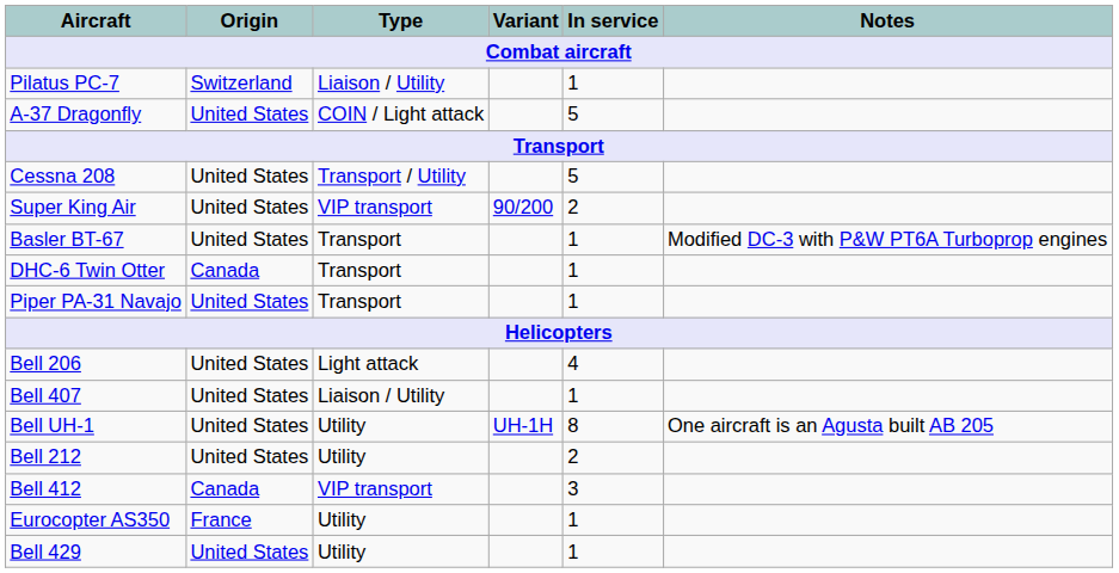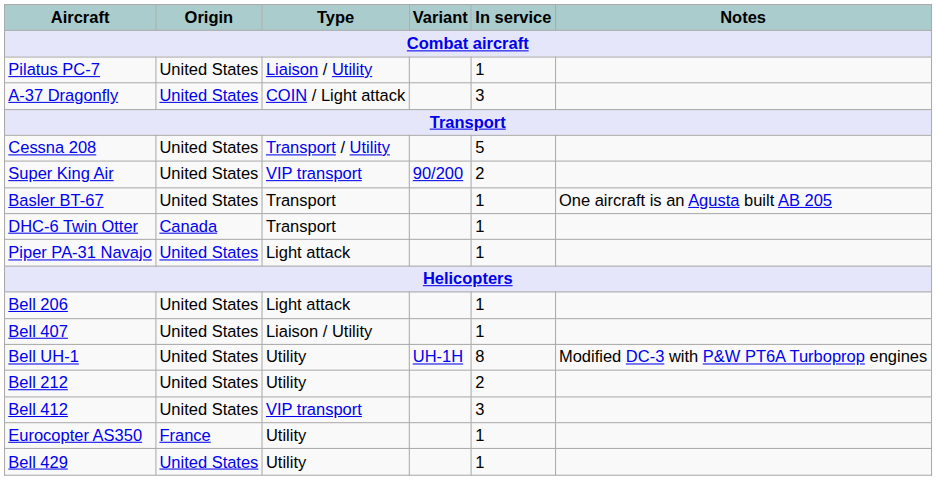 <table class="wikitable">
 <tr>
 <th style="text-align:center; background:#acc;">Aircraft</th>
 <th style="text-align: center; background:#acc;">Origin</th>
 <th style="text-align:l center; background:#acc;">Type</th>
 <th style="text-align:left; background:#acc;">Variant</th>
 <th style="text-align:center; background:#acc;">In service</th>
 <th style="text-align: center; background:#acc;">Notes</th>
 </tr>
 <tr>
 <th style="align: center; background: lavender;" colspan="7"><a href='#'>Combat aircraft</a></th>
 </tr>
 <tr>
 <td><a href='#'>Pilatus PC-7</a></td>
-<td><a href='#'>Switzerland</a></td>
+<td>United States</td>
 <td><a href='#'>Liaison</a> / <a href='#'>Utility</a></td>
 <td></td>
 <td>1</td>
 <td></td>
 </tr>
 <tr>
 <td><a href='#'>A-37 Dragonfly</a></td>
 <td><a href='#'>United States</a></td>
 <td><a href='#'>COIN</a> / Light attack</td>
 <td></td>
-<td>5</td>
+<td>3</td>
 <td></td>
 </tr>
 <tr>
 <th style="align: center; background: lavender;" colspan="7"><a href='#'>Transport</a></th>
 </tr>
 <tr>
 <td><a href='#'>Cessna 208</a></td>
 <td>United States</td>
 <td><a href='#'>Transport</a> / <a href='#'>Utility</a></td>
 <td></td>
 <td>5</td>
 <td></td>
 </tr>
 <tr>
 <td><a href='#'> Super King Air</a></td>
 <td>United States</td>
 <td><a href='#'>VIP transport</a></td>
 <td><a href='#'>90/200</a></td>
 <td>2</td>
 <td></td>
 </tr>
 <tr>
 <td><a href='#'>Basler BT-67</a></td>
 <td>United States</td>
 <td>Transport</td>
 <td></td>
 <td>1</td>
-<td>Modified <a href='#'>DC-3</a> with <a href='#'>P&W PT6A Turboprop</a> engines</td>
+<td>One aircraft is an <a href='#'>Agusta</a> built <a href='#'>AB 205</a></td>
 </tr>
 <tr>
 <td><a href='#'>DHC-6 Twin Otter</a></td>
 <td><a href='#'>Canada</a></td>
 <td>Transport</td>
 <td></td>
 <td>1</td>
 <td></td>
 </tr>
 <tr>
 <td><a href='#'>Piper PA-31 Navajo</a></td>
 <td><a href='#'>United States</a></td>
-<td>Transport</td>
+<td>Light attack</td>
 <td></td>
 <td>1</td>
 <td></td>
 </tr>
 <tr>
 <th style="align: center; background: lavender;" colspan="7"><a href='#'>Helicopters</a></th>
 </tr>
 <tr>
 <td><a href='#'>Bell 206</a></td>
 <td>United States</td>
 <td>Light attack</td>
 <td></td>
-<td>4</td>
+<td>1</td>
 <td></td>
 </tr>
 <tr>
 <td><a href='#'>Bell 407</a></td>
 <td>United States</td>
 <td>Liaison / Utility</td>
 <td></td>
 <td>1</td>
 <td></td>
 </tr>
 <tr>
 <td><a href='#'> Bell UH-1</a></td>
 <td>United States</td>
 <td>Utility</td>
 <td><a href='#'>UH-1H</a></td>
 <td>8</td>
-<td>One aircraft is an <a href='#'>Agusta</a> built <a href='#'>AB 205</a></td>
+<td>Modified <a href='#'>DC-3</a> with <a href='#'>P&W PT6A Turboprop</a> engines</td>
 </tr>
 <tr>
 <td><a href='#'>Bell 212</a></td>
 <td>United States</td>
 <td>Utility</td>
 <td></td>
 <td>2</td>
 <td></td>
 </tr>
 <tr>
 <td><a href='#'>Bell 412</a></td>
-<td><a href='#'>Canada</a></td>
+<td>United States</td>
 <td><a href='#'>VIP transport</a></td>
 <td></td>
 <td>3</td>
 <td></td>
 </tr>
 <tr>
 <td><a href='#'>Eurocopter AS350</a></td>
 <td><a href='#'>France</a></td>
 <td>Utility</td>
 <td></td>
 <td>1</td>
 <td></td>
 </tr>
 <tr>
 <td><a href='#'>Bell 429</a></td>
 <td><a href='#'>United States</a></td>
 <td>Utility</td>
 <td></td>
 <td>1</td>
 <td></td>
 </tr>
 </table>
